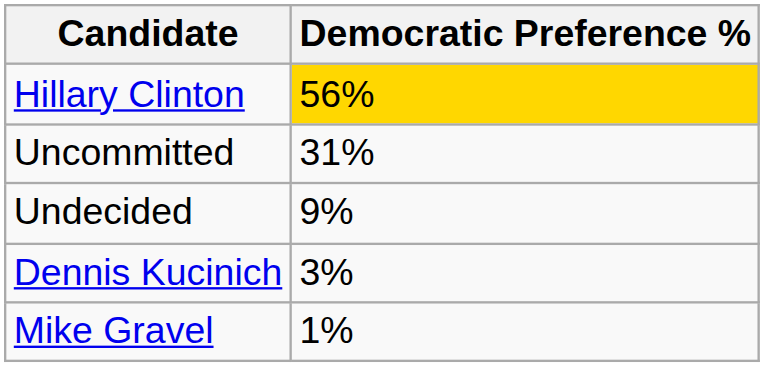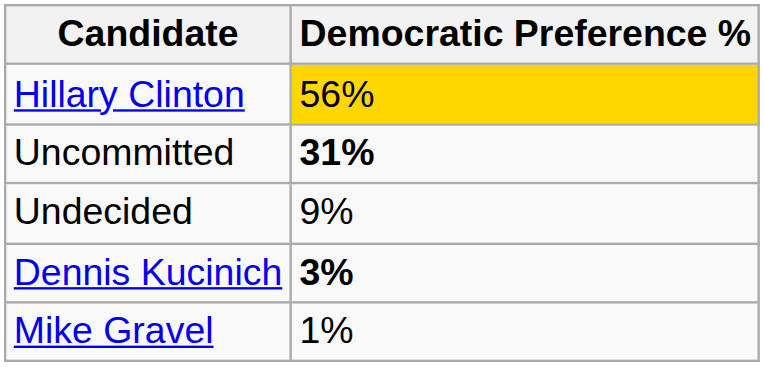 <table class="wikitable">
 <tr>
 <th>Candidate</th>
 <th>Democratic Preference %</th>
 </tr>
 <tr>
 <td><a href='#'>Hillary Clinton</a></td>
 <td bgcolor="#ffd700">56%</td>
 </tr>
 <tr>
 <td>Uncommitted</td>
-<td>31%</td>
+<td><strong>31%</strong></td>
 </tr>
 <tr>
 <td>Undecided</td>
 <td>9%</td>
 </tr>
 <tr>
 <td><a href='#'>Dennis Kucinich</a></td>
-<td>3%</td>
+<td><strong>3%</strong></td>
 </tr>
 <tr>
 <td><a href='#'>Mike Gravel</a></td>
 <td>1%</td>
 </tr>
 </table>
